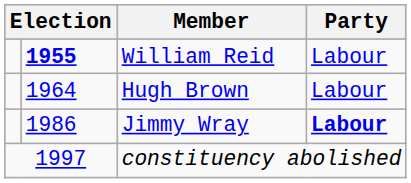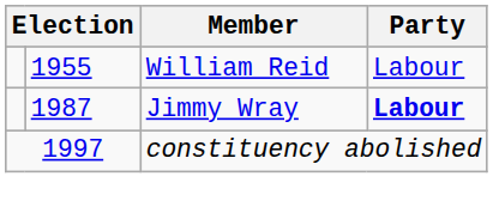 <table class="wikitable">
 <tr>
 <th colspan="2">Election</th>
 <th>Member</th>
 <th>Party</th>
 </tr>
 <tr>
 <td style="color:inherit;background-color: "></td>
-<td><strong><a href='#'>1955</a></strong></td>
+<td><a href='#'>1955</a></td>
 <td><a href='#'>William Reid</a></td>
 <td><a href='#'>Labour</a></td>
 </tr>
 <tr>
 <td style="color:inherit;background-color: "></td>
-<td><a href='#'>1964</a></td>
-<td><a href='#'>Hugh Brown</a></td>
-<td><a href='#'>Labour</a></td>
-</tr>
-<tr>
-<td style="color:inherit;background-color: "></td>
-<td><a href='#'>1986</a></td>
+<td><a href='#'>1987</a></td>
 <td><a href='#'>Jimmy Wray</a></td>
 <td><strong><a href='#'>Labour</a></strong></td>
 </tr>
 <tr>
 <td colspan="2" align="center"><a href='#'>1997</a></td>
 <td colspan="2"><em>constituency abolished</em></td>
 </tr>
 </table>
